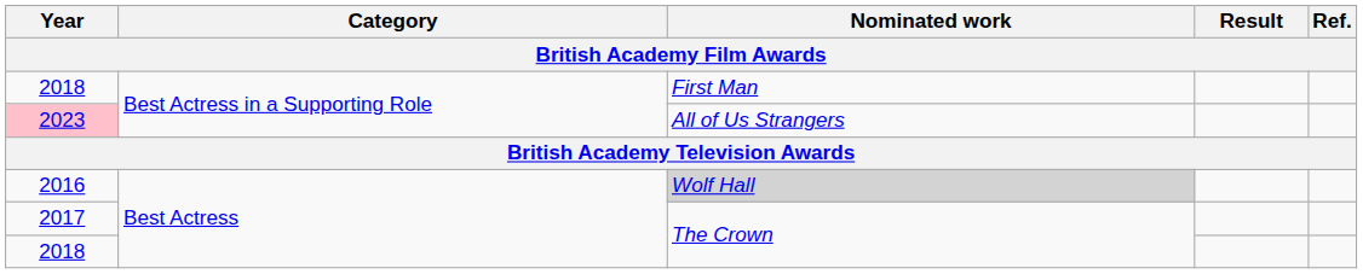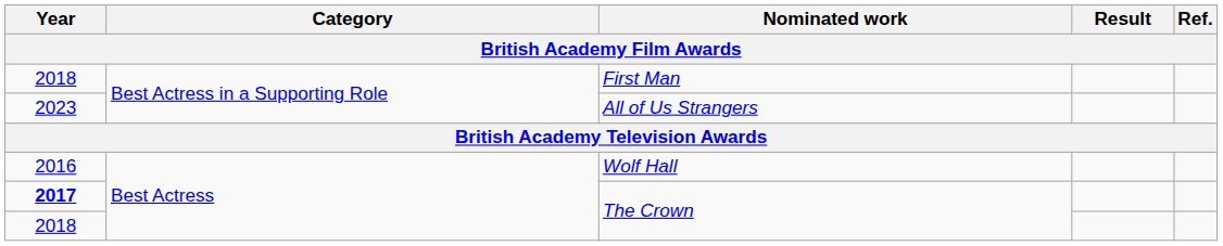 <table class=wikitable>
 <tr>
 <th scope="col" style="width:5em;">Year</th>
 <th scope="col" style="width:26em;">Category</th>
 <th scope="col" style="width:25em;">Nominated work</th>
 <th scope="col" style="width:5em;">Result</th>
 <th>Ref.</th>
 </tr>
 <tr>
 <th colspan=5><a href='#'>British Academy Film Awards</a></th>
 </tr>
 <tr>
 <td style="text-align:center;"><a href='#'>2018</a></td>
 <td rowspan="2"><a href='#'>Best Actress in a Supporting Role</a></td>
 <td><em><a href='#'>First Man</a></em></td>
 <td></td>
 <td style="text-align:center;"></td>
 </tr>
 <tr>
-<td style="background: pink; text-align:center;"><a href='#'>2023</a></td>
+<td style="text-align:center;"><a href='#'>2023</a></td>
 <td><em><a href='#'>All of Us Strangers</a></em></td>
 <td></td>
 <td style="text-align:center;"></td>
 </tr>
 <tr>
 <th colspan=5><a href='#'>British Academy Television Awards</a></th>
 </tr>
 <tr>
 <td style="text-align:center;"><a href='#'>2016</a></td>
 <td rowspan="3"><a href='#'>Best Actress</a></td>
-<td style="background: lightgrey;"><em><a href='#'>Wolf Hall</a></em></td>
+<td><em><a href='#'>Wolf Hall</a></em></td>
 <td></td>
 <td style="text-align:center;"></td>
 </tr>
 <tr>
-<td style="text-align:center;"><a href='#'>2017</a></td>
+<td style="text-align:center;"><strong><a href='#'>2017</a></strong></td>
 <td rowspan="2"><em><a href='#'>The Crown</a></em></td>
 <td></td>
 <td style="text-align:center;"></td>
 </tr>
 <tr>
 <td style="text-align:center;"><a href='#'>2018</a></td>
 <td></td>
 <td style="text-align:center;"></td>
 </tr>
 </table>
